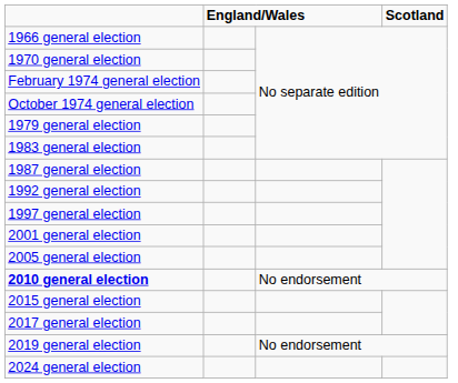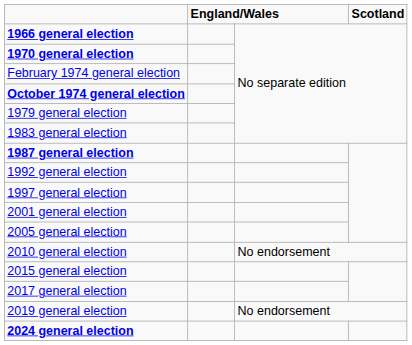 <table class="wikitable">
 <tr>
 <td></td>
 <td colspan="2"><strong>England/Wales</strong></td>
 <td colspan="2"><strong>Scotland</strong></td>
 </tr>
 <tr>
-<td><a href='#'>1966 general election</a></td>
+<td><strong><a href='#'>1966 general election</a></strong></td>
 <td></td>
 <td colspan="2" rowspan="6">No separate edition</td>
 </tr>
 <tr>
-<td><a href='#'>1970 general election</a></td>
+<td><strong><a href='#'>1970 general election</a></strong></td>
 <td></td>
 </tr>
 <tr>
 <td><a href='#'>February 1974 general election</a></td>
 <td></td>
 </tr>
 <tr>
-<td><a href='#'>October 1974 general election</a></td>
+<td><strong><a href='#'>October 1974 general election</a></strong></td>
 <td></td>
 </tr>
 <tr>
 <td><a href='#'>1979 general election</a></td>
 <td></td>
 </tr>
 <tr>
 <td><a href='#'>1983 general election</a></td>
 <td></td>
 </tr>
 <tr>
-<td><a href='#'>1987 general election</a></td>
+<td><strong><a href='#'>1987 general election</a></strong></td>
 <td></td>
 <td></td>
 </tr>
 <tr>
 <td><a href='#'>1992 general election</a></td>
 <td></td>
 <td></td>
 </tr>
 <tr>
 <td><a href='#'>1997 general election</a></td>
 <td></td>
 <td></td>
 </tr>
 <tr>
 <td><a href='#'>2001 general election</a></td>
 <td></td>
 <td></td>
 </tr>
 <tr>
 <td><a href='#'>2005 general election</a></td>
 <td></td>
 <td></td>
 </tr>
 <tr>
-<td><strong><a href='#'>2010 general election</a></strong></td>
+<td><a href='#'>2010 general election</a></td>
 <td></td>
 <td colspan="2">No endorsement</td>
 </tr>
 <tr>
 <td><a href='#'>2015 general election</a></td>
 <td></td>
 <td></td>
 </tr>
 <tr>
 <td><a href='#'>2017 general election</a></td>
 <td></td>
 <td></td>
 </tr>
 <tr>
 <td><a href='#'>2019 general election</a></td>
 <td></td>
 <td colspan="2">No endorsement</td>
 </tr>
 <tr>
-<td><a href='#'>2024 general election</a></td>
+<td><strong><a href='#'>2024 general election</a></strong></td>
 <td></td>
 <td></td>
 </tr>
 </table>
